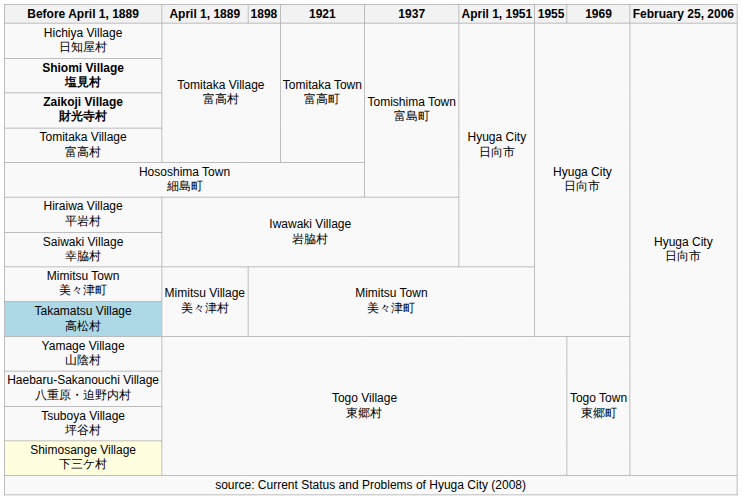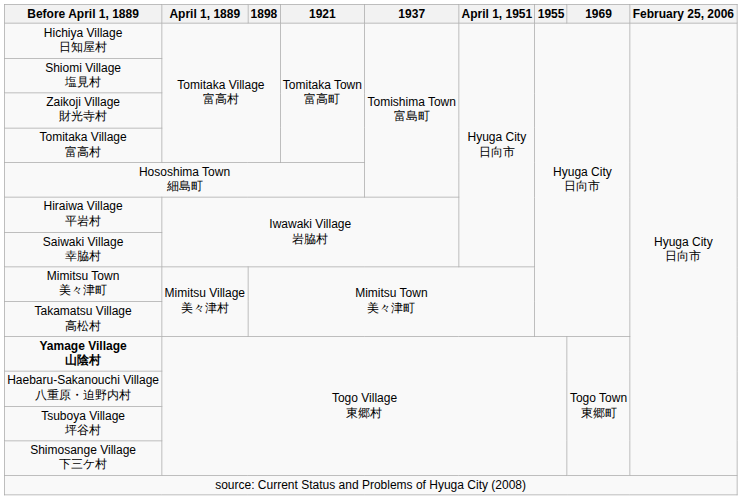 <table class="wikitable" style="text-align: center;">
 <tr>
 <th>Before April 1, 1889</th>
 <th>April 1, 1889</th>
 <th>1898</th>
 <th>1921</th>
 <th>1937</th>
 <th>April 1, 1951</th>
 <th>1955</th>
 <th>1969</th>
 <th>February 25, 2006</th>
 </tr>
 <tr>
 <td>Hichiya Village<br>日知屋村</td>
 <td rowspan="4" colspan="2">Tomitaka Village<br>富高村</td>
 <td rowspan="4">Tomitaka Town<br>富高町</td>
 <td rowspan="5">Tomishima Town<br>富島町</td>
 <td rowspan="7">Hyuga City<br>日向市</td>
 <td rowspan="9" colspan="2">Hyuga City<br>日向市</td>
 <td rowspan="13">Hyuga City<br>日向市</td>
 </tr>
 <tr>
-<td><strong>Shiomi Village<br>塩見村</strong></td>
+<td>Shiomi Village<br>塩見村</td>
 </tr>
 <tr>
-<td><strong>Zaikoji Village<br>財光寺村</strong></td>
+<td>Zaikoji Village<br>財光寺村</td>
 </tr>
 <tr>
 <td>Tomitaka Village<br>富高村</td>
 </tr>
 <tr>
 <td colspan="4">Hososhima Town<br>細島町</td>
 </tr>
 <tr>
 <td>Hiraiwa Village<br>平岩村</td>
 <td rowspan="2" colspan="4">Iwawaki Village<br>岩脇村</td>
 </tr>
 <tr>
 <td>Saiwaki Village<br>幸脇村</td>
 </tr>
 <tr>
 <td>Mimitsu Town<br>美々津町</td>
 <td Rowspan="2">Mimitsu Village<br>美々津村</td>
 <td rowspan="2" colspan="4">Mimitsu Town<br>美々津町</td>
 </tr>
 <tr>
-<td style="background: lightblue;">Takamatsu Village<br>高松村</td>
+<td>Takamatsu Village<br>高松村</td>
 </tr>
 <tr>
-<td>Yamage Village<br>山陰村</td>
+<td><strong>Yamage Village<br>山陰村</strong></td>
 <td rowspan="4" colspan="6">Togo Village<br>東郷村</td>
 <td rowspan="4">Togo Town<br>東郷町</td>
 </tr>
 <tr>
 <td>Haebaru-Sakanouchi Village<br>八重原・迫野内村</td>
 </tr>
 <tr>
 <td>Tsuboya Village<br>坪谷村</td>
 </tr>
 <tr>
-<td style="background: lightyellow;">Shimosange Village<br>下三ケ村</td>
+<td>Shimosange Village<br>下三ケ村</td>
 </tr>
 <tr>
 <td colspan="9">source: Current Status and Problems of Hyuga City (2008)</td>
 </tr>
 </table>
